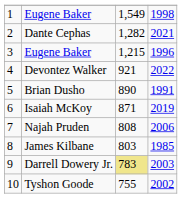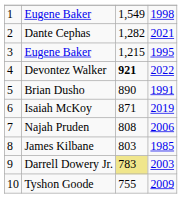 <table class="wikitable" style="display:inline-table;">
 <tr>
 </tr>
 <tr>
 <td>1</td>
 <td><a href='#'>Eugene Baker</a></td>
 <td>1,549</td>
 <td><a href='#'>1998</a></td>
 </tr>
 <tr>
 <td>2</td>
 <td>Dante Cephas</td>
 <td>1,282</td>
 <td><a href='#'>2021</a></td>
 </tr>
 <tr>
 <td>3</td>
 <td><a href='#'>Eugene Baker</a></td>
 <td>1,215</td>
-<td><a href='#'>1996</a></td>
+<td><a href='#'>1995</a></td>
 </tr>
 <tr>
 <td>4</td>
 <td>Devontez Walker</td>
-<td>921</td>
+<td><strong>921</strong></td>
 <td><a href='#'>2022</a></td>
 </tr>
 <tr>
 <td>5</td>
 <td>Brian Dusho</td>
 <td>890</td>
 <td><a href='#'>1991</a></td>
 </tr>
 <tr>
 <td>6</td>
 <td>Isaiah McKoy</td>
 <td>871</td>
 <td><a href='#'>2019</a></td>
 </tr>
 <tr>
 <td>7</td>
 <td>Najah Pruden</td>
 <td>808</td>
 <td><a href='#'>2006</a></td>
 </tr>
 <tr>
 <td>8</td>
 <td>James Kilbane</td>
 <td>803</td>
 <td><a href='#'>1985</a></td>
 </tr>
 <tr>
 <td>9</td>
 <td>Darrell Dowery Jr.</td>
 <td style="background: khaki;">783</td>
 <td><a href='#'>2003</a></td>
 </tr>
 <tr>
 <td>10</td>
 <td>Tyshon Goode</td>
 <td>755</td>
-<td><a href='#'>2002</a></td>
+<td><a href='#'>2009</a></td>
 </tr>
 </table>
